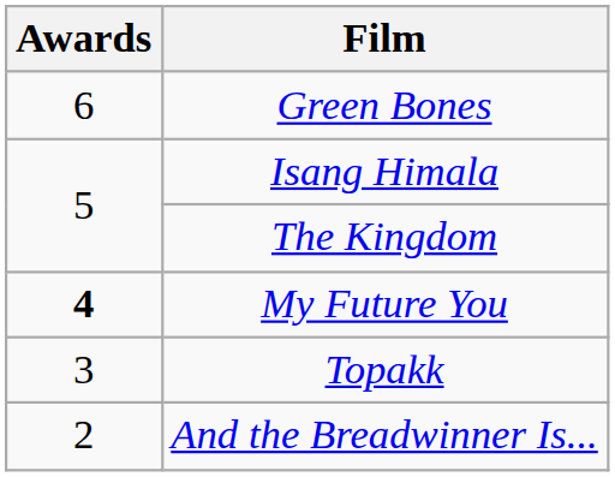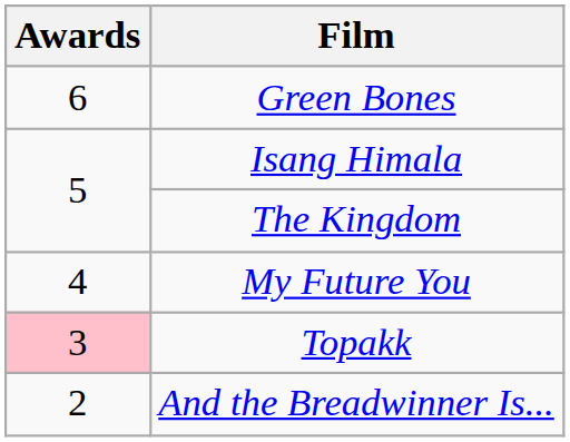 <table class="wikitable sortable" style="text-align:center">
 <tr>
 <th scope="col">Awards</th>
 <th scope="col">Film</th>
 </tr>
 <tr>
 <td>6</td>
 <td><em><a href='#'>Green Bones</a></em></td>
 </tr>
 <tr>
 <td rowspan=2>5</td>
 <td><em><a href='#'>Isang Himala</a></em></td>
 </tr>
 <tr>
 <td><em><a href='#'>The Kingdom</a></em></td>
 </tr>
 <tr>
-<td><strong>4</strong></td>
+<td>4</td>
 <td><em><a href='#'>My Future You</a></em></td>
 </tr>
 <tr>
-<td>3</td>
+<td style="background: pink;">3</td>
 <td><em><a href='#'>Topakk</a></em></td>
 </tr>
 <tr>
 <td>2</td>
 <td><em><a href='#'>And the Breadwinner Is...</a></em></td>
 </tr>
 </table>
